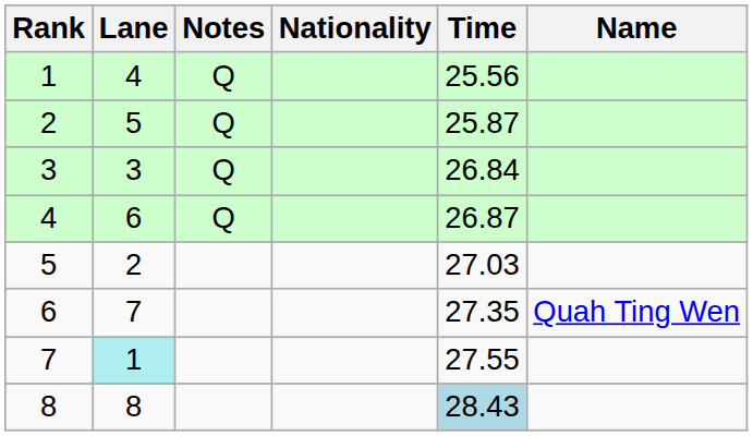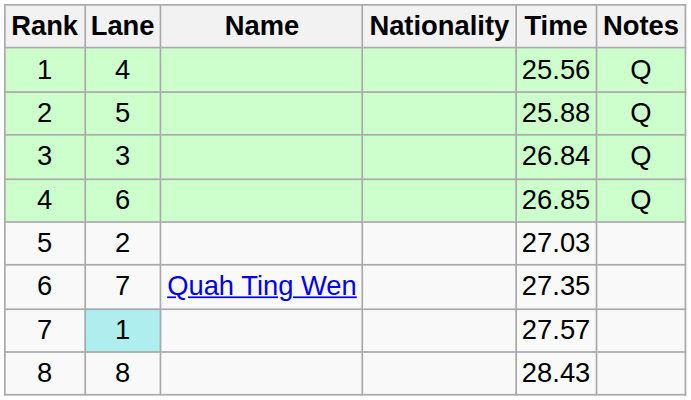 <table class="wikitable sortable" style="text-align:center">
 <tr>
 <th>Rank</th>
 <th>Lane</th>
-<th>Notes</th>
+<th>Name</th>
 <th>Nationality</th>
 <th>Time</th>
-<th>Name</th>
+<th>Notes</th>
 </tr>
 <tr bgcolor="ccffcc">
 <td>1</td>
 <td>4</td>
-<td>Q</td>
+<td align="left"></td>
 <td align="left"></td>
 <td>25.56</td>
-<td align="left"></td>
+<td>Q</td>
 </tr>
 <tr bgcolor="ccffcc">
 <td>2</td>
 <td>5</td>
+<td align="left"></td>
+<td align="left"></td>
+<td>25.88</td>
 <td>Q</td>
-<td align="left"></td>
-<td>25.87</td>
-<td align="left"></td>
 </tr>
 <tr bgcolor="ccffcc">
 <td>3</td>
 <td>3</td>
-<td>Q</td>
+<td align="left"></td>
 <td align="left"></td>
 <td>26.84</td>
-<td align="left"></td>
+<td>Q</td>
 </tr>
 <tr bgcolor="ccffcc">
 <td>4</td>
 <td>6</td>
+<td align="left"></td>
+<td align="left"></td>
+<td>26.85</td>
 <td>Q</td>
-<td align="left"></td>
-<td>26.87</td>
-<td align="left"></td>
 </tr>
 <tr>
 <td>5</td>
 <td>2</td>
-<td></td>
+<td align="left"></td>
 <td align="left"></td>
 <td>27.03</td>
-<td align="left"></td>
+<td></td>
 </tr>
 <tr>
 <td>6</td>
 <td>7</td>
-<td></td>
+<td align="left"><a href='#'>Quah Ting Wen</a></td>
 <td align="left"></td>
 <td>27.35</td>
-<td align="left"><a href='#'>Quah Ting Wen</a></td>
+<td></td>
 </tr>
 <tr>
 <td>7</td>
 <td style="background: paleturquoise;">1</td>
+<td align="left"></td>
+<td align="left"></td>
+<td>27.57</td>
 <td></td>
-<td align="left"></td>
-<td>27.55</td>
-<td align="left"></td>
 </tr>
 <tr>
 <td>8</td>
 <td>8</td>
+<td align="left"></td>
+<td align="left"></td>
+<td>28.43</td>
 <td></td>
-<td align="left"></td>
-<td style="background: lightblue;">28.43</td>
-<td align="left"></td>
 </tr>
 </table>
